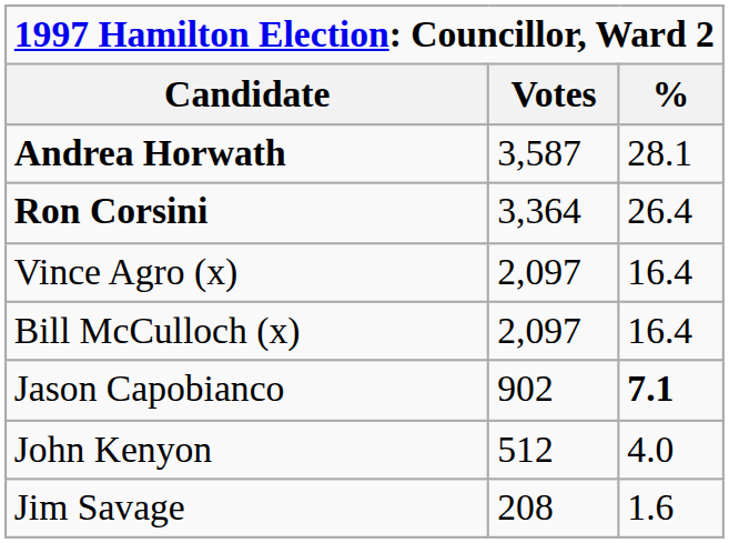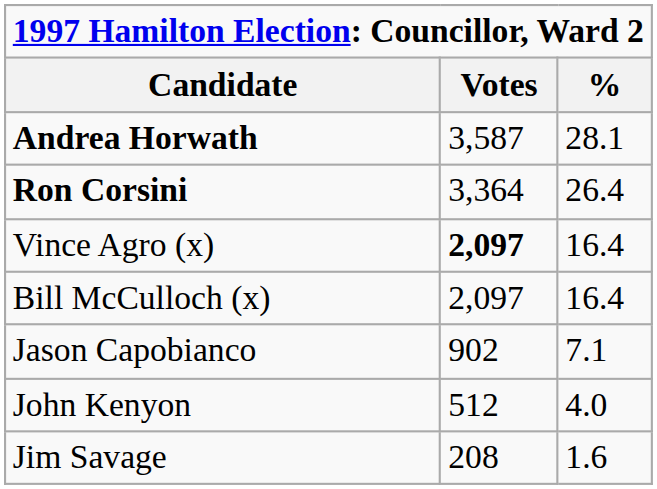 <table class="wikitable">
 <tr>
 <td Colspan="3" align="center"><strong><a href='#'>1997 Hamilton Election</a>: Councillor, Ward 2</strong></td>
 </tr>
 <tr>
 <th bgcolor="#DDDDFF" width="200px">Candidate</th>
 <th bgcolor="#DDDDFF">Votes</th>
 <th bgcolor="#DDDDFF">%</th>
 </tr>
 <tr>
 <td><strong>Andrea Horwath</strong></td>
 <td>3,587</td>
 <td>28.1</td>
 </tr>
 <tr>
 <td><strong>Ron Corsini</strong></td>
 <td>3,364</td>
 <td>26.4</td>
 </tr>
 <tr>
 <td>Vince Agro (x)</td>
-<td>2,097</td>
+<td><strong>2,097</strong></td>
 <td>16.4</td>
 </tr>
 <tr>
 <td>Bill McCulloch (x)</td>
 <td>2,097</td>
 <td>16.4</td>
 </tr>
 <tr>
 <td>Jason Capobianco</td>
 <td>902</td>
-<td><strong>7.1</strong></td>
+<td>7.1</td>
 </tr>
 <tr>
 <td>John Kenyon</td>
 <td>512</td>
 <td>4.0</td>
 </tr>
 <tr>
 <td>Jim Savage</td>
 <td>208</td>
 <td>1.6</td>
 </tr>
 </table>
